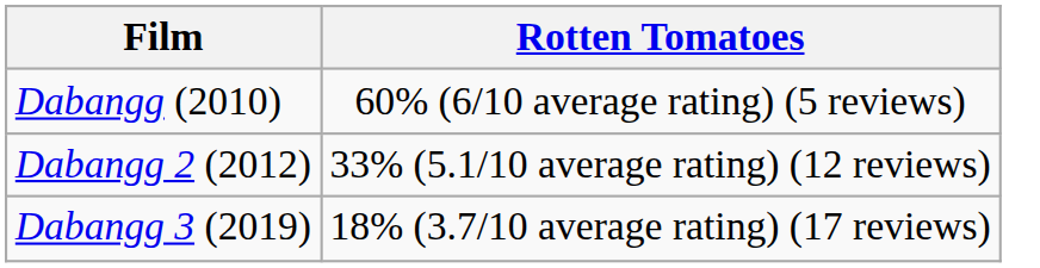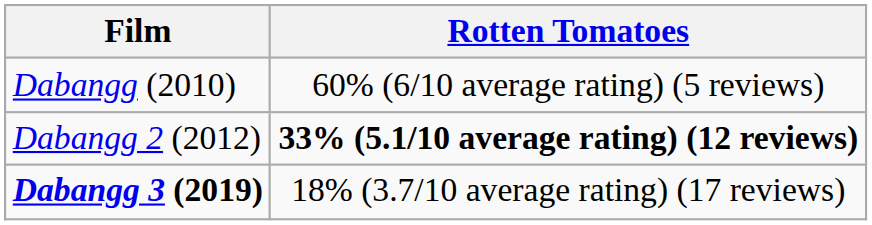 <table class="wikitable sortable" border="1" style="text-align: center;">
 <tr>
 <th>Film</th>
 <th><a href='#'>Rotten Tomatoes</a></th>
 </tr>
 <tr>
 <td style="text-align: left;"><em><a href='#'>Dabangg</a></em> (2010)</td>
 <td>60% (6/10 average rating) (5 reviews)</td>
 </tr>
 <tr>
 <td style="text-align: left;"><em><a href='#'>Dabangg 2</a></em> (2012)</td>
-<td>33% (5.1/10 average rating) (12 reviews)</td>
+<td><strong>33% (5.1/10 average rating) (12 reviews)</strong></td>
 </tr>
 <tr>
-<td style="text-align: left;"><em><a href='#'>Dabangg 3</a></em> (2019)</td>
+<td style="text-align: left;"><strong><em><a href='#'>Dabangg 3</a></em> (2019)</strong></td>
 <td>18% (3.7/10 average rating) (17 reviews)</td>
 </tr>
 </table>
